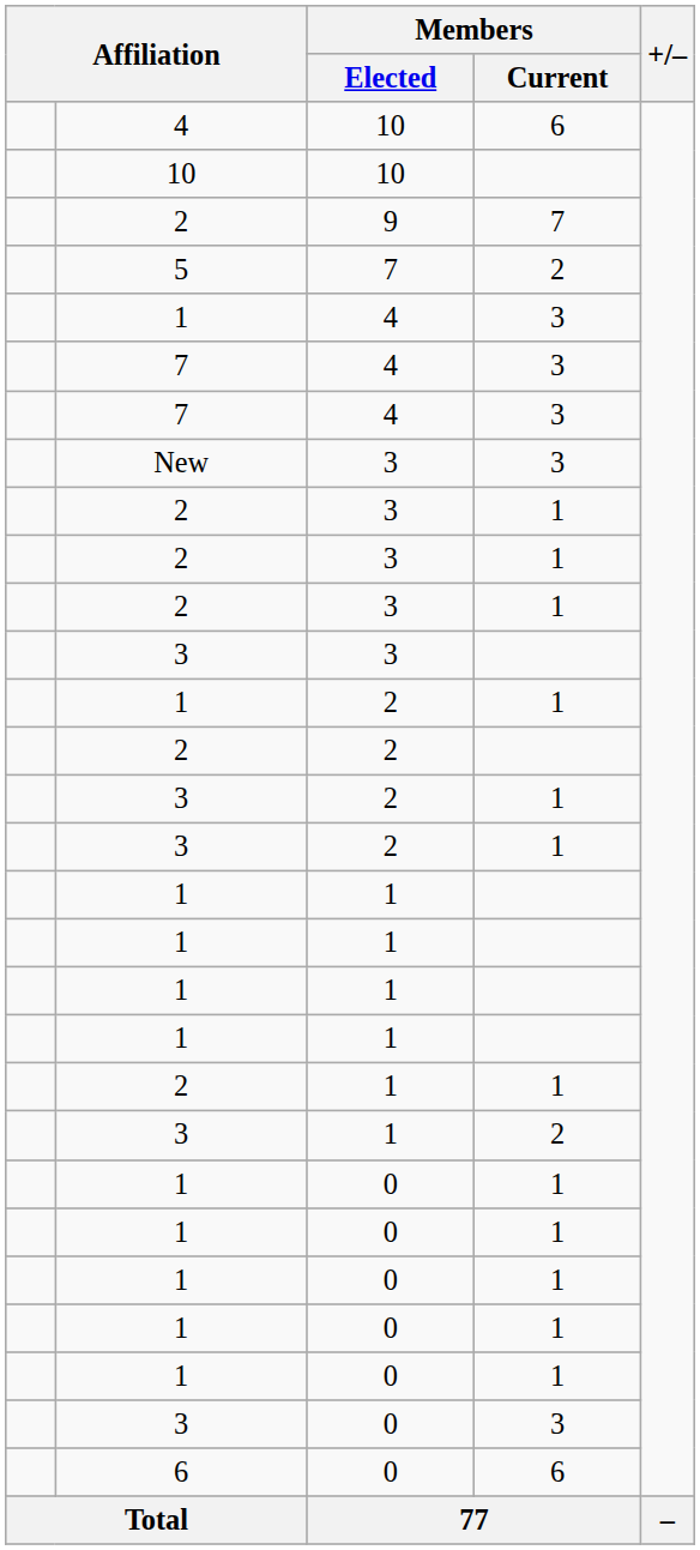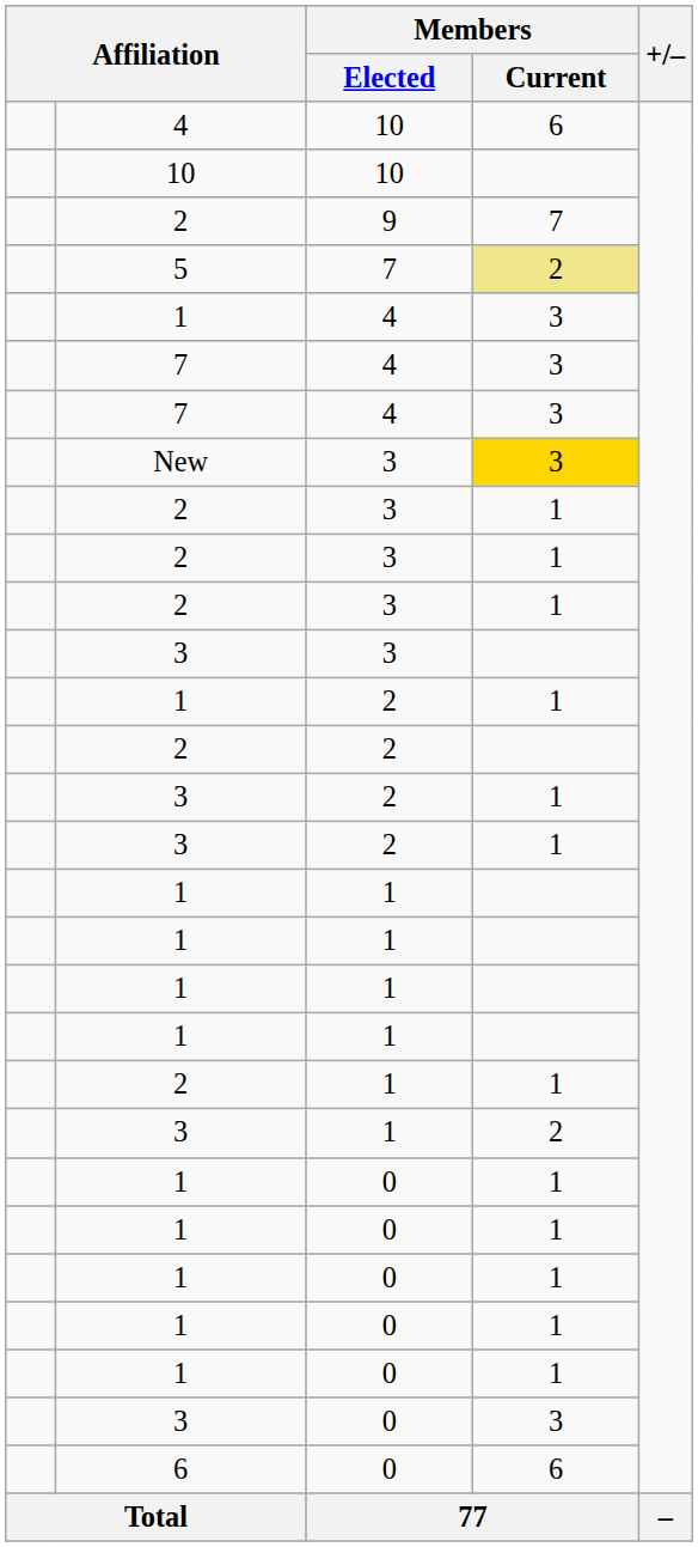 <table class="wikitable" border="1" style="font-size: 95%; text-align: center;">
 <tr>
 <th colspan="2" rowspan="2" class="unsortable" style="text-align: center; vertical-align: middle; width: 150px;">Affiliation</th>
 <th colspan="2" style="vertical-align: top;">Members</th>
 <th rowspan="2">+/–</th>
 </tr>
 <tr>
 <th data-sort-type="number" style="width: 80px;"><a href='#'>Elected</a></th>
 <th style="width: 80px;">Current</th>
 </tr>
 <tr>
 <td></td>
 <td>4</td>
 <td>10</td>
 <td>6</td>
 </tr>
 <tr>
 <td></td>
 <td>10</td>
 <td>10</td>
 <td></td>
 </tr>
 <tr>
 <td></td>
 <td>2</td>
 <td>9</td>
 <td>7</td>
 </tr>
 <tr>
 <td></td>
 <td>5</td>
 <td>7</td>
-<td>2</td>
+<td style="background: khaki;">2</td>
 </tr>
 <tr>
 <td></td>
 <td>1</td>
 <td>4</td>
 <td>3</td>
 </tr>
 <tr>
 <td></td>
 <td>7</td>
 <td>4</td>
 <td>3</td>
 </tr>
 <tr>
 <td></td>
 <td>7</td>
 <td>4</td>
 <td>3</td>
 </tr>
 <tr>
 <td></td>
 <td>New</td>
 <td>3</td>
-<td>3</td>
+<td style="background: gold;">3</td>
 </tr>
 <tr>
 <td></td>
 <td>2</td>
 <td>3</td>
 <td>1</td>
 </tr>
 <tr>
 <td></td>
 <td>2</td>
 <td>3</td>
 <td>1</td>
 </tr>
 <tr>
 <td></td>
 <td>2</td>
 <td>3</td>
 <td>1</td>
 </tr>
 <tr>
 <td></td>
 <td>3</td>
 <td>3</td>
 <td></td>
 </tr>
 <tr>
 <td></td>
 <td>1</td>
 <td>2</td>
 <td>1</td>
 </tr>
 <tr>
 <td></td>
 <td>2</td>
 <td>2</td>
 <td></td>
 </tr>
 <tr>
 <td></td>
 <td>3</td>
 <td>2</td>
 <td>1</td>
 </tr>
 <tr>
 <td></td>
 <td>3</td>
 <td>2</td>
 <td>1</td>
 </tr>
 <tr>
 <td></td>
 <td>1</td>
 <td>1</td>
 <td></td>
 </tr>
 <tr>
 <td></td>
 <td>1</td>
 <td>1</td>
 <td></td>
 </tr>
 <tr>
 <td></td>
 <td>1</td>
 <td>1</td>
 <td></td>
 </tr>
 <tr>
 <td></td>
 <td>1</td>
 <td>1</td>
 <td></td>
 </tr>
 <tr>
 <td></td>
 <td>2</td>
 <td>1</td>
 <td>1</td>
 </tr>
 <tr>
 <td></td>
 <td>3</td>
 <td>1</td>
 <td>2</td>
 </tr>
 <tr>
 <td></td>
 <td>1</td>
 <td>0</td>
 <td>1</td>
 </tr>
 <tr>
 <td></td>
 <td>1</td>
 <td>0</td>
 <td>1</td>
 </tr>
 <tr>
 <td></td>
 <td>1</td>
 <td>0</td>
 <td>1</td>
 </tr>
 <tr>
 <td></td>
 <td>1</td>
 <td>0</td>
 <td>1</td>
 </tr>
 <tr>
 <td></td>
 <td>1</td>
 <td>0</td>
 <td>1</td>
 </tr>
 <tr>
 <td></td>
 <td>3</td>
 <td>0</td>
 <td>3</td>
 </tr>
 <tr>
 <td></td>
 <td>6</td>
 <td>0</td>
 <td>6</td>
 </tr>
 <tr>
 <th colspan="2">Total</th>
 <th colspan="2">77</th>
 <th>–</th>
 </tr>
 </table>
